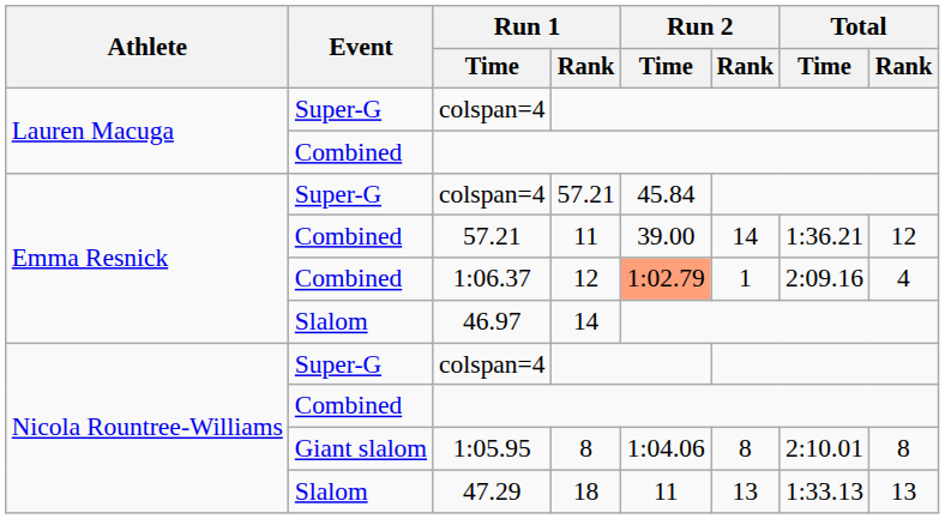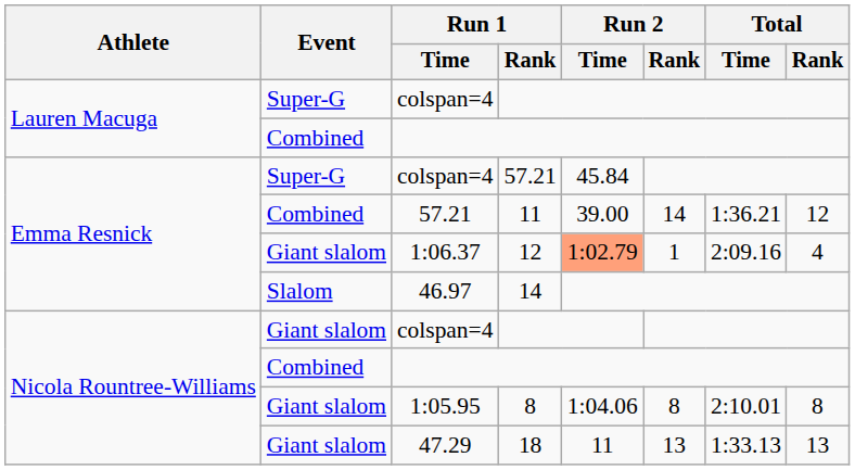 <table class="wikitable" style="font-size:90%">
 <tr>
 <th rowspan=2>Athlete</th>
 <th rowspan=2>Event</th>
 <th colspan=2>Run 1</th>
 <th colspan=2>Run 2</th>
 <th colspan=2>Total</th>
 </tr>
 <tr style="font-size:95%">
 <th>Time</th>
 <th>Rank</th>
 <th>Time</th>
 <th>Rank</th>
 <th>Time</th>
 <th>Rank</th>
 </tr>
 <tr align=center>
 <td align="left" rowspan="2"><a href='#'>Lauren Macuga</a><br></td>
 <td align="left"><a href='#'>Super-G</a></td>
 <td>colspan=4</td>
 <td colspan=6></td>
 </tr>
 <tr align=center>
 <td align="left"><a href='#'>Combined</a></td>
 <td colspan=6></td>
 </tr>
 <tr align=center>
 <td align="left" rowspan="4"><a href='#'>Emma Resnick</a><br></td>
 <td align="left"><a href='#'>Super-G</a></td>
 <td>colspan=4</td>
 <td>57.21</td>
 <td>45.84</td>
 </tr>
 <tr align=center>
 <td align="left"><a href='#'>Combined</a></td>
 <td>57.21</td>
 <td>11</td>
 <td>39.00</td>
 <td>14</td>
 <td>1:36.21</td>
 <td>12</td>
 </tr>
 <tr align=center>
-<td align="left"><a href='#'>Combined</a></td>
+<td align="left"><a href='#'>Giant slalom</a></td>
 <td>1:06.37</td>
 <td>12</td>
 <td style="background: lightsalmon;">1:02.79</td>
 <td>1</td>
 <td>2:09.16</td>
 <td>4</td>
 </tr>
 <tr align=center>
 <td align="left"><a href='#'>Slalom</a></td>
 <td>46.97</td>
 <td>14</td>
 <td colspan=4></td>
 </tr>
 <tr align=center>
 <td align="left" rowspan="4"><a href='#'>Nicola Rountree-Williams</a><br></td>
-<td align="left"><a href='#'>Super-G</a></td>
+<td align="left"><a href='#'>Giant slalom</a></td>
 <td>colspan=4</td>
 <td colspan=2></td>
 </tr>
 <tr align=center>
 <td align="left"><a href='#'>Combined</a></td>
 <td colspan=6></td>
 </tr>
 <tr align=center>
 <td align="left"><a href='#'>Giant slalom</a></td>
 <td>1:05.95</td>
 <td>8</td>
 <td>1:04.06</td>
 <td>8</td>
 <td>2:10.01</td>
 <td>8</td>
 </tr>
 <tr align=center>
-<td align="left"><a href='#'>Slalom</a></td>
+<td align="left"><a href='#'>Giant slalom</a></td>
 <td>47.29</td>
 <td>18</td>
 <td>11</td>
 <td>13</td>
 <td>1:33.13</td>
 <td>13</td>
 </tr>
 </table>
